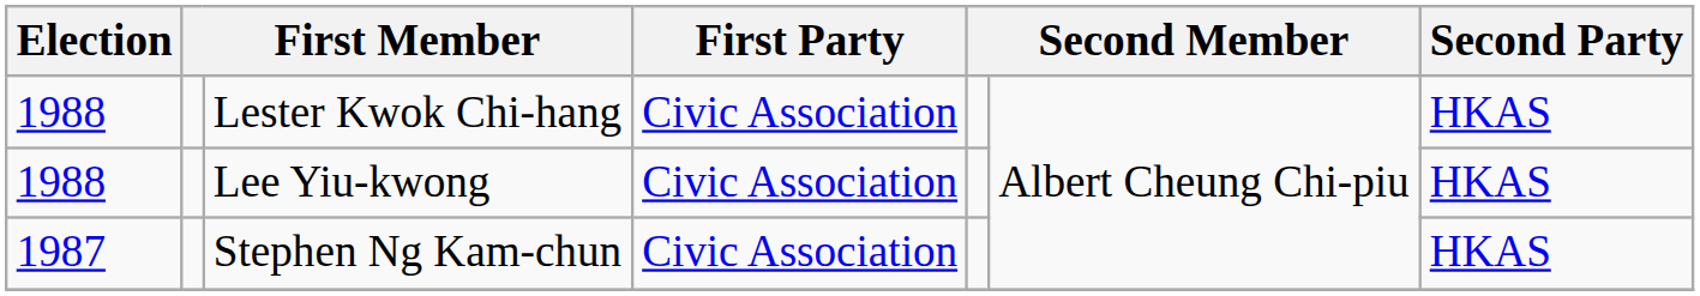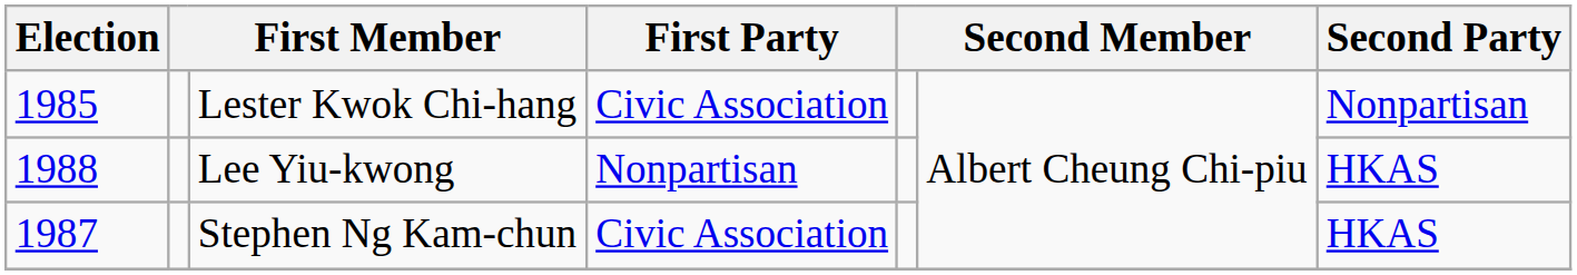 <table class="wikitable">
 <tr>
 <th>Election</th>
 <th colspan="2">First Member</th>
 <th>First Party</th>
 <th colspan="2">Second Member</th>
 <th>Second Party</th>
 </tr>
 <tr>
-<td><a href='#'>1988</a></td>
+<td><a href='#'>1985</a></td>
 <td style="background-color:"></td>
 <td>Lester Kwok Chi-hang</td>
 <td><a href='#'>Civic Association</a></td>
 <td style="background-color:"></td>
 <td rowspan=3>Albert Cheung Chi-piu</td>
-<td><a href='#'>HKAS</a></td>
+<td><a href='#'>Nonpartisan</a></td>
 </tr>
 <tr>
 <td><a href='#'>1988</a></td>
 <td style="background-color:"></td>
 <td>Lee Yiu-kwong</td>
-<td><a href='#'>Civic Association</a></td>
+<td><a href='#'>Nonpartisan</a></td>
 <td style="background-color:"></td>
 <td><a href='#'>HKAS</a></td>
 </tr>
 <tr>
 <td><a href='#'>1987</a></td>
 <td style="background-color:"></td>
 <td>Stephen Ng Kam-chun</td>
 <td><a href='#'>Civic Association</a></td>
 <td style="background-color:"></td>
 <td><a href='#'>HKAS</a></td>
 </tr>
 <tr>
 </tr>
 </table>
